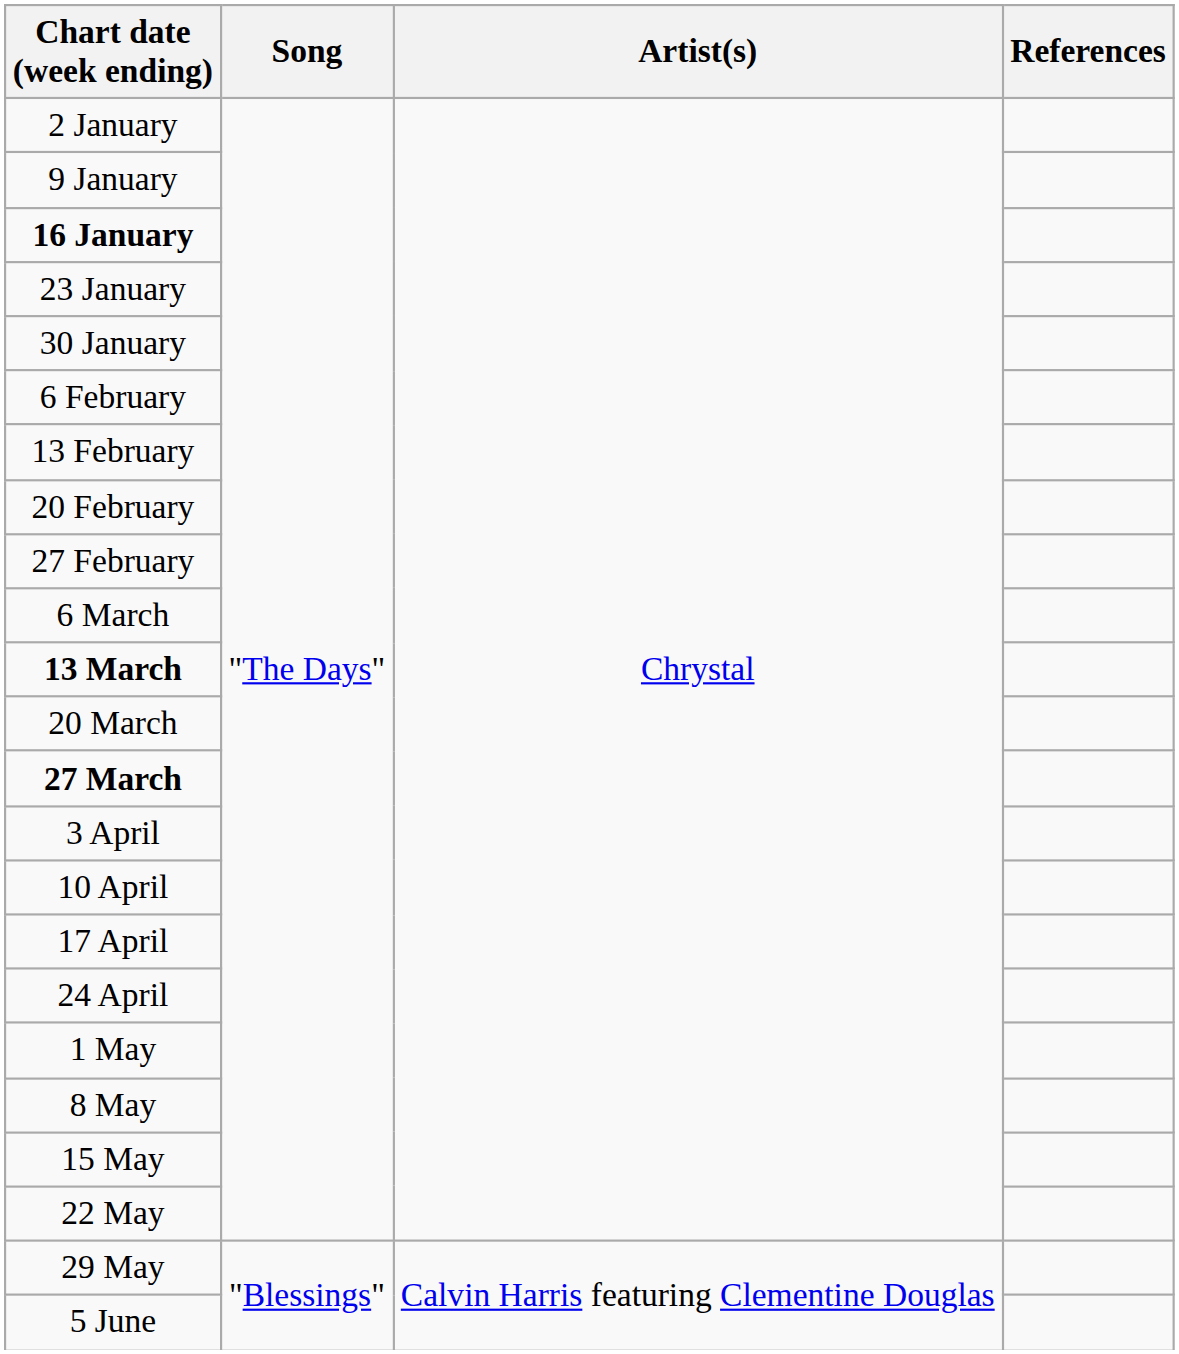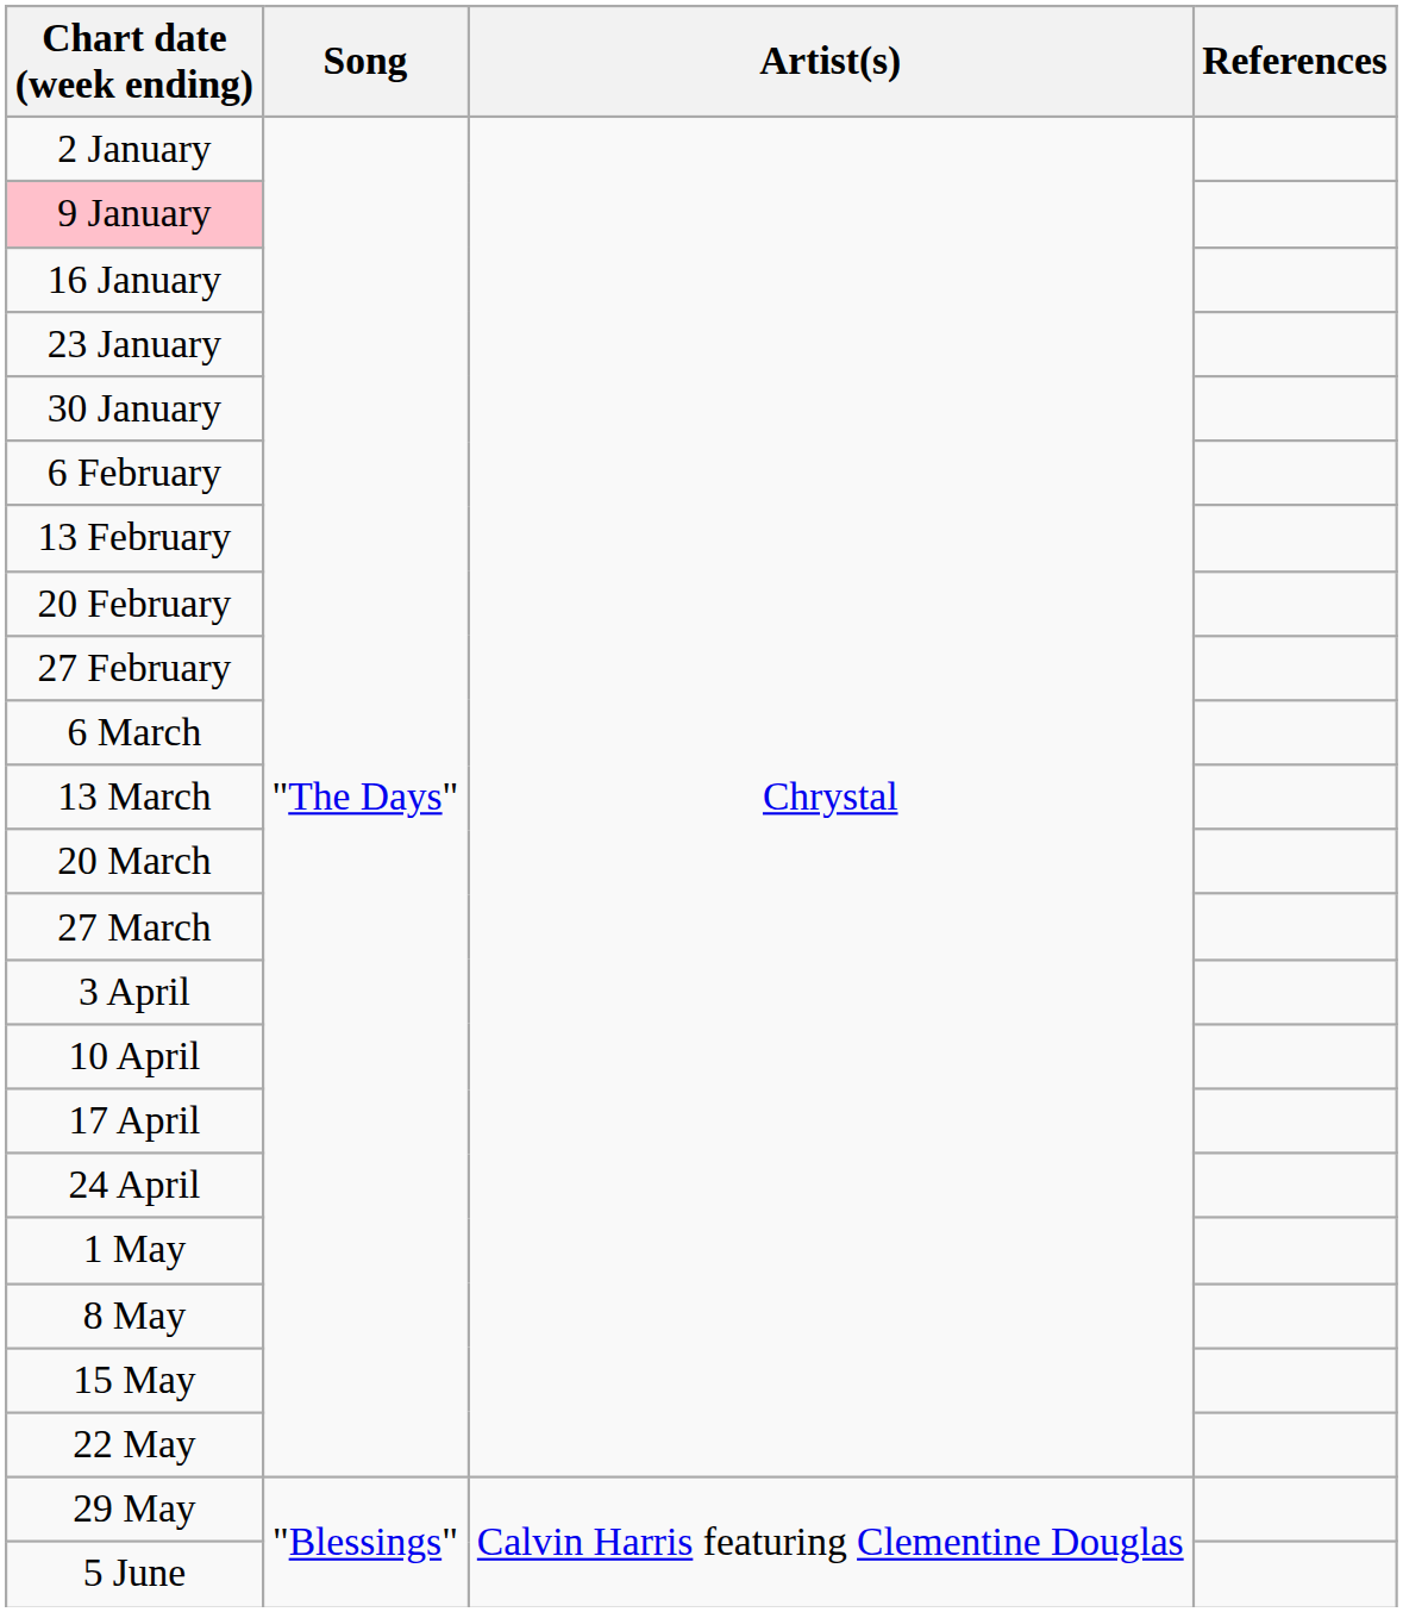 <table class="wikitable" style="font-size:97%; text-align:center;">
 <tr>
 <th>Chart date<br>(week ending)</th>
 <th>Song</th>
 <th>Artist(s)</th>
 <th>References</th>
 </tr>
 <tr>
 <td>2 January</td>
 <td rowspan=21>"<a href='#'>The Days</a>"</td>
 <td rowspan=21><a href='#'>Chrystal</a></td>
 <td></td>
 </tr>
 <tr>
-<td>9 January</td>
+<td style="background: pink;">9 January</td>
 <td></td>
 </tr>
 <tr>
-<td><strong>16 January</strong></td>
+<td>16 January</td>
 <td></td>
 </tr>
 <tr>
 <td>23 January</td>
 <td></td>
 </tr>
 <tr>
 <td>30 January</td>
 <td></td>
 </tr>
 <tr>
 <td>6 February</td>
 <td></td>
 </tr>
 <tr>
 <td>13 February</td>
 <td></td>
 </tr>
 <tr>
 <td>20 February</td>
 <td></td>
 </tr>
 <tr>
 <td>27 February</td>
 <td></td>
 </tr>
 <tr>
 <td>6 March</td>
 <td></td>
 </tr>
 <tr>
-<td><strong>13 March</strong></td>
+<td>13 March</td>
 <td></td>
 </tr>
 <tr>
 <td>20 March</td>
 <td></td>
 </tr>
 <tr>
-<td><strong>27 March</strong></td>
+<td>27 March</td>
 <td></td>
 </tr>
 <tr>
 <td>3 April</td>
 <td></td>
 </tr>
 <tr>
 <td>10 April</td>
 <td></td>
 </tr>
 <tr>
 <td>17 April</td>
 <td></td>
 </tr>
 <tr>
 <td>24 April</td>
 <td></td>
 </tr>
 <tr>
 <td>1 May</td>
 <td></td>
 </tr>
 <tr>
 <td>8 May</td>
 <td></td>
 </tr>
 <tr>
 <td>15 May</td>
 <td></td>
 </tr>
 <tr>
 <td>22 May</td>
 <td></td>
 </tr>
 <tr>
 <td>29 May</td>
 <td rowspan=2>"<a href='#'>Blessings</a>"</td>
 <td rowspan=2><a href='#'>Calvin Harris</a> featuring <a href='#'>Clementine Douglas</a></td>
 <td></td>
 </tr>
 <tr>
 <td>5 June</td>
 <td></td>
 </tr>
 </table>
